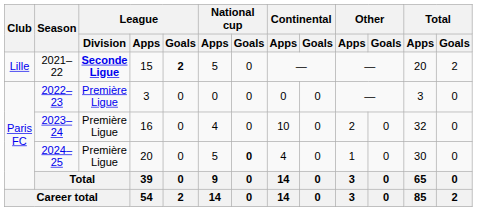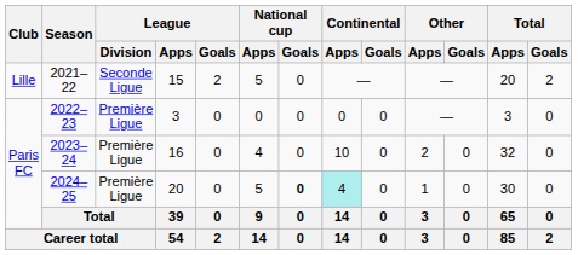 <table class="wikitable" style="text-align:center">
 <tr>
 <th rowspan="2">Club</th>
 <th rowspan="2">Season</th>
 <th colspan="3">League</th>
 <th colspan="2">National cup</th>
 <th colspan="2">Continental</th>
 <th colspan="2">Other</th>
 <th colspan="2">Total</th>
 </tr>
 <tr>
 <th>Division</th>
 <th>Apps</th>
 <th>Goals</th>
 <th>Apps</th>
 <th>Goals</th>
 <th>Apps</th>
 <th>Goals</th>
 <th>Apps</th>
 <th>Goals</th>
 <th>Apps</th>
 <th>Goals</th>
 </tr>
 <tr>
 <td><a href='#'>Lille</a></td>
 <td>2021–22</td>
-<td><strong><a href='#'>Seconde Ligue</a></strong></td>
+<td><a href='#'>Seconde Ligue</a></td>
 <td>15</td>
-<td><strong>2</strong></td>
+<td>2</td>
 <td>5</td>
 <td>0</td>
 <td colspan="2">—</td>
 <td colspan="2">—</td>
 <td>20</td>
 <td>2</td>
 </tr>
 <tr>
 <td rowspan="4"><a href='#'>Paris FC</a></td>
 <td><a href='#'>2022–23</a></td>
 <td><a href='#'>Première Ligue</a></td>
 <td>3</td>
 <td>0</td>
 <td>0</td>
 <td>0</td>
 <td>0</td>
 <td>0</td>
 <td colspan="2">—</td>
 <td>3</td>
 <td>0</td>
 </tr>
 <tr>
 <td><a href='#'>2023–24</a></td>
 <td>Première Ligue</td>
 <td>16</td>
 <td>0</td>
 <td>4</td>
 <td>0</td>
 <td>10</td>
 <td>0</td>
 <td>2</td>
 <td>0</td>
 <td>32</td>
 <td>0</td>
 </tr>
 <tr>
 <td><a href='#'>2024–25</a></td>
 <td>Première Ligue</td>
 <td>20</td>
 <td>0</td>
 <td>5</td>
 <td><strong>0</strong></td>
-<td>4</td>
+<td style="background: paleturquoise;">4</td>
 <td>0</td>
 <td>1</td>
 <td>0</td>
 <td>30</td>
 <td>0</td>
 </tr>
 <tr>
 <th colspan="2">Total</th>
 <th>39</th>
 <th>0</th>
 <th>9</th>
 <th>0</th>
 <th>14</th>
 <th>0</th>
 <th>3</th>
 <th>0</th>
 <th>65</th>
 <th>0</th>
 </tr>
 <tr>
 <th colspan="3">Career total</th>
 <th>54</th>
 <th>2</th>
 <th>14</th>
 <th>0</th>
 <th>14</th>
 <th>0</th>
 <th>3</th>
 <th>0</th>
 <th>85</th>
 <th>2</th>
 </tr>
 </table>
